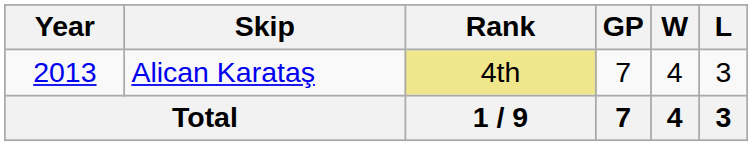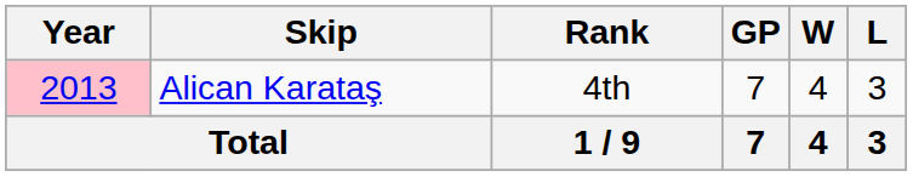 <table class="wikitable" style="text-align: center;">
 <tr>
 <th width="60">Year</th>
 <th width="150">Skip</th>
 <th width="100">Rank</th>
 <th width="20">GP</th>
 <th width="20">W</th>
 <th width="20">L</th>
 </tr>
 <tr>
-<td> <a href='#'>2013</a></td>
+<td style="background: pink;"> <a href='#'>2013</a></td>
 <td align=left><a href='#'>Alican Karataş</a></td>
-<td style="background: khaki;">4th</td>
+<td>4th</td>
 <td>7</td>
 <td>4</td>
 <td>3</td>
 </tr>
 <tr>
 <th colspan=2>Total</th>
 <th>1 / 9</th>
 <th>7</th>
 <th>4</th>
 <th>3</th>
 </tr>
 </table>
